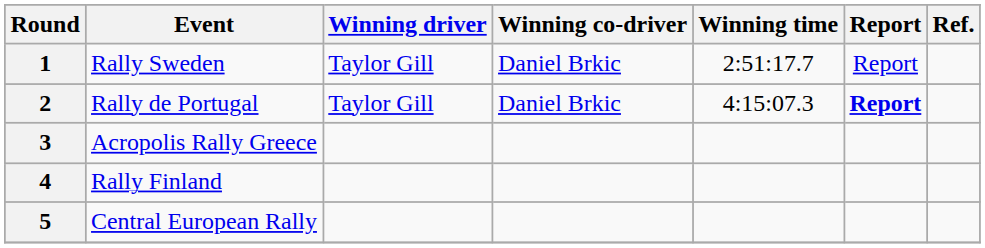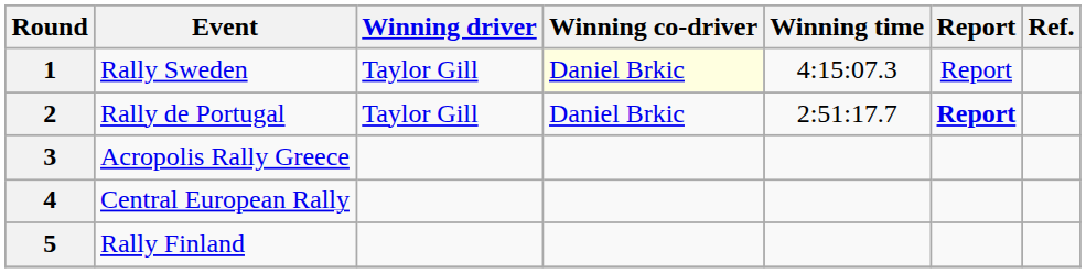 <table class="wikitable" style="font-size: 85%;">
 <tr>
 <th>Round</th>
 <th>Event</th>
 <th><a href='#'>Winning driver</a></th>
 <th>Winning co-driver</th>
 <th>Winning time</th>
 <th>Report</th>
 <th>Ref.</th>
 </tr>
 <tr>
 <th>1</th>
 <td> <a href='#'>Rally Sweden</a></td>
 <td> <a href='#'>Taylor Gill</a></td>
-<td> <a href='#'>Daniel Brkic</a></td>
-<td align="center">2:51:17.7</td>
+<td style="background: lightyellow;"> <a href='#'>Daniel Brkic</a></td>
+<td align="center">4:15:07.3</td>
 <td align="center"><a href='#'>Report</a></td>
 <td align="center"></td>
 </tr>
 <tr>
 <th>2</th>
 <td> <a href='#'>Rally de Portugal</a></td>
 <td> <a href='#'>Taylor Gill</a></td>
 <td> <a href='#'>Daniel Brkic</a></td>
-<td align="center">4:15:07.3</td>
+<td align="center">2:51:17.7</td>
 <td align="center"><strong><a href='#'>Report</a></strong></td>
 <td align="center"></td>
 </tr>
 <tr>
 <th>3</th>
 <td> <a href='#'>Acropolis Rally Greece</a></td>
 <td></td>
 <td></td>
 <td align="center"></td>
 <td align="center"></td>
 <td align="center"></td>
 </tr>
 <tr>
 <th>4</th>
-<td> <a href='#'>Rally Finland</a></td>
+<td> <a href='#'>Central European Rally</a></td>
 <td></td>
 <td></td>
 <td align="center"></td>
 <td align="center"></td>
 <td align="center"></td>
 </tr>
 <tr>
 <th>5</th>
-<td> <a href='#'>Central European Rally</a></td>
+<td> <a href='#'>Rally Finland</a></td>
 <td></td>
 <td></td>
 <td align="center"></td>
 <td align="center"></td>
 <td align="center"></td>
 </tr>
 <tr>
 </tr>
 </table>
